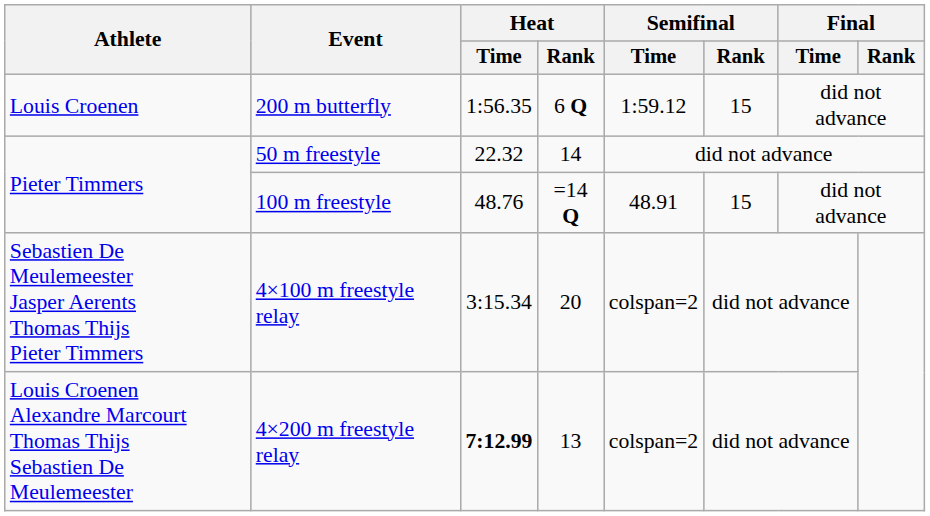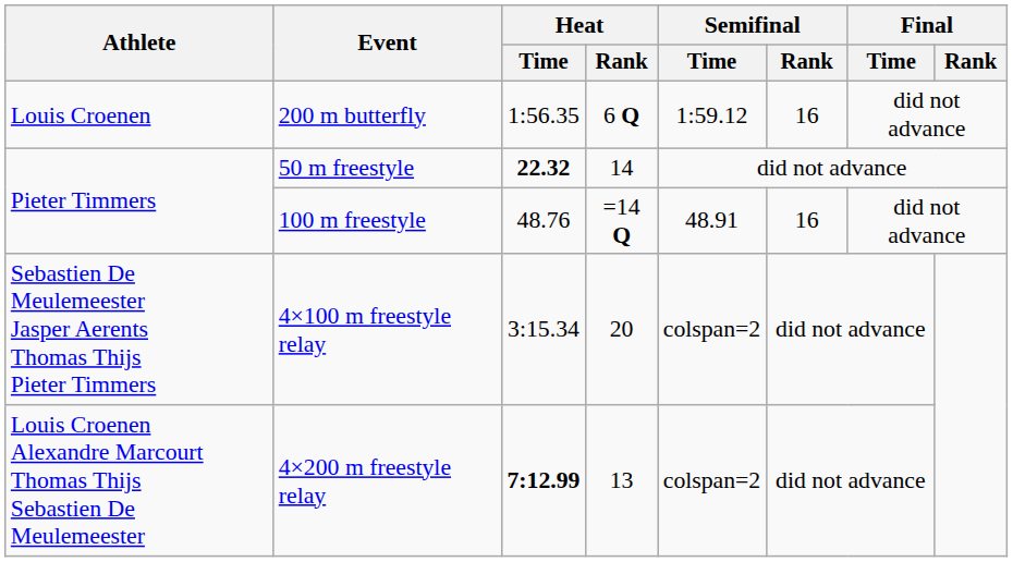 <table class="wikitable" style="text-align:center; font-size:90%">
 <tr>
 <th rowspan="2">Athlete</th>
 <th rowspan="2">Event</th>
 <th colspan="2">Heat</th>
 <th colspan="2">Semifinal</th>
 <th colspan="2">Final</th>
 </tr>
 <tr style="font-size:95%">
 <th>Time</th>
 <th>Rank</th>
 <th>Time</th>
 <th>Rank</th>
 <th>Time</th>
 <th>Rank</th>
 </tr>
 <tr>
 <td align=left><a href='#'>Louis Croenen</a></td>
 <td align=left><a href='#'>200 m butterfly</a></td>
 <td>1:56.35</td>
 <td>6 <strong>Q</strong></td>
 <td>1:59.12</td>
-<td>15</td>
+<td>16</td>
 <td colspan=2>did not advance</td>
 </tr>
 <tr>
 <td align=left rowspan=2><a href='#'>Pieter Timmers</a></td>
 <td align=left><a href='#'>50 m freestyle</a></td>
-<td>22.32</td>
+<td><strong>22.32</strong></td>
 <td>14</td>
 <td colspan=4>did not advance</td>
 </tr>
 <tr>
 <td align=left><a href='#'>100 m freestyle</a></td>
 <td>48.76</td>
 <td>=14 <strong>Q</strong></td>
 <td>48.91</td>
-<td>15</td>
+<td>16</td>
 <td colspan=2>did not advance</td>
 </tr>
 <tr>
 <td align=left><a href='#'>Sebastien De Meulemeester</a><br><a href='#'>Jasper Aerents</a><br><a href='#'>Thomas Thijs</a><br><a href='#'>Pieter Timmers</a></td>
 <td align=left><a href='#'>4×100 m freestyle relay</a></td>
 <td>3:15.34</td>
 <td>20</td>
 <td>colspan=2 </td>
 <td colspan=2>did not advance</td>
 </tr>
 <tr>
 <td align=left><a href='#'>Louis Croenen</a><br><a href='#'>Alexandre Marcourt</a><br><a href='#'>Thomas Thijs</a><br><a href='#'>Sebastien De Meulemeester</a></td>
 <td align=left><a href='#'>4×200 m freestyle relay</a></td>
 <td><strong>7:12.99</strong></td>
 <td>13</td>
 <td>colspan=2 </td>
 <td colspan=2>did not advance</td>
 </tr>
 </table>
